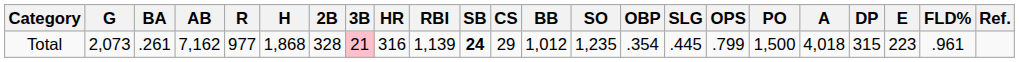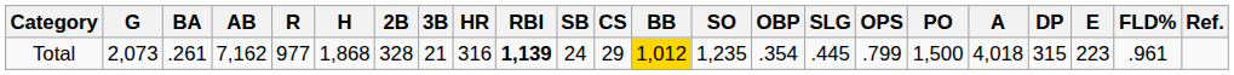 <table class="wikitable"  style="font-size: 95%; text-align:center;">
 <tr>
 <th>Category</th>
 <th>G</th>
 <th>BA</th>
 <th>AB</th>
 <th>R</th>
 <th>H</th>
 <th>2B</th>
 <th>3B</th>
 <th>HR</th>
 <th>RBI</th>
 <th>SB</th>
 <th>CS</th>
 <th>BB</th>
 <th>SO</th>
 <th>OBP</th>
 <th>SLG</th>
 <th>OPS</th>
 <th>PO</th>
 <th>A</th>
 <th>DP</th>
 <th>E</th>
 <th>FLD%</th>
 <th>Ref.</th>
 </tr>
 <tr>
 <td>Total</td>
 <td>2,073</td>
 <td>.261</td>
 <td>7,162</td>
 <td>977</td>
 <td>1,868</td>
 <td>328</td>
-<td style="background: pink;">21</td>
+<td>21</td>
 <td>316</td>
-<td>1,139</td>
-<td><strong>24</strong></td>
+<td><strong>1,139</strong></td>
+<td>24</td>
 <td>29</td>
-<td>1,012</td>
+<td style="background: gold;">1,012</td>
 <td>1,235</td>
 <td>.354</td>
 <td>.445</td>
 <td>.799</td>
 <td>1,500</td>
 <td>4,018</td>
 <td>315</td>
 <td>223</td>
 <td>.961</td>
 <td></td>
 </tr>
 </table>
